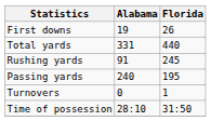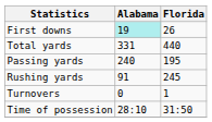 <table class="wikitable" style="float: left;">
 <tr>
 <th>Statistics</th>
 <th>Alabama</th>
 <th>Florida</th>
 </tr>
 <tr>
 <td>First downs</td>
-<td>19</td>
+<td style="background: paleturquoise;">19</td>
 <td>26</td>
 </tr>
 <tr>
 <td>Total yards</td>
 <td>331</td>
 <td>440</td>
 </tr>
 <tr>
+<td>Passing yards</td>
+<td>240</td>
+<td>195</td>
+</tr>
+<tr>
 <td>Rushing yards</td>
 <td>91</td>
 <td>245</td>
-</tr>
-<tr>
-<td>Passing yards</td>
-<td>240</td>
-<td>195</td>
 </tr>
 <tr>
 <td>Turnovers</td>
 <td>0</td>
 <td>1</td>
 </tr>
 <tr>
 <td>Time of possession</td>
 <td>28:10</td>
 <td>31:50</td>
 </tr>
 <tr>
 </tr>
 </table>
